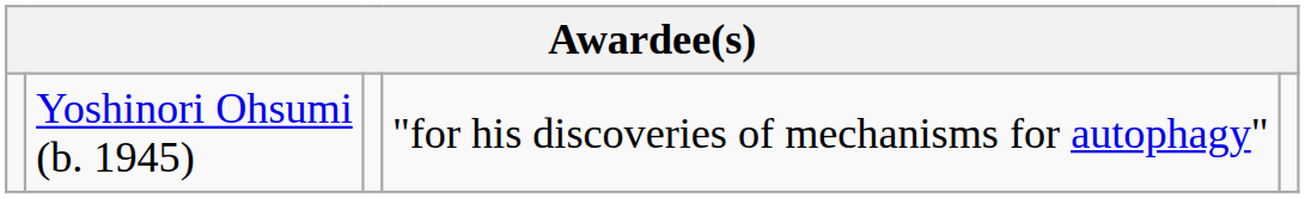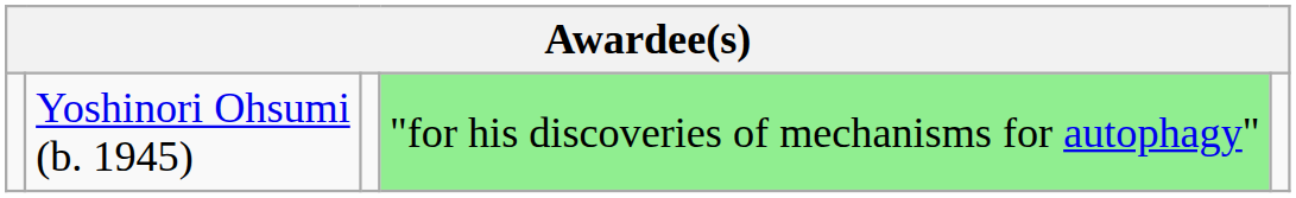 <table class="wikitable">
 <tr>
 <th colspan="5">Awardee(s)</th>
 </tr>
 <tr>
 <td></td>
 <td><a href='#'>Yoshinori Ohsumi</a><br>(b. 1945)</td>
 <td></td>
-<td>"for his discoveries of mechanisms for <a href='#'>autophagy</a>"</td>
+<td style="background: lightgreen;">"for his discoveries of mechanisms for <a href='#'>autophagy</a>"</td>
 <td></td>
 </tr>
 </table>
